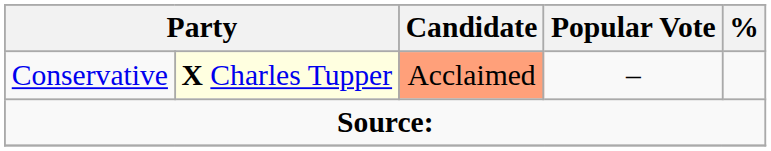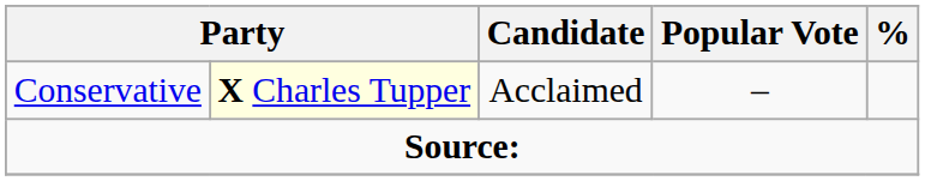 <table class="wikitable">
 <tr>
 <th colspan="2">Party</th>
 <th>Candidate</th>
 <th>Popular Vote</th>
 <th>%</th>
 </tr>
 <tr>
 <td><a href='#'>Conservative</a></td>
 <td style="background: lightyellow;"> <strong>X</strong> <a href='#'>Charles Tupper</a></td>
-<td align=center style="background: lightsalmon;">Acclaimed</td>
+<td align=center>Acclaimed</td>
 <td align=center>–</td>
 </tr>
 <tr>
 <td align="center" colspan=5><strong>Source:</strong> </td>
 </tr>
 <tr>
 </tr>
 </table>
